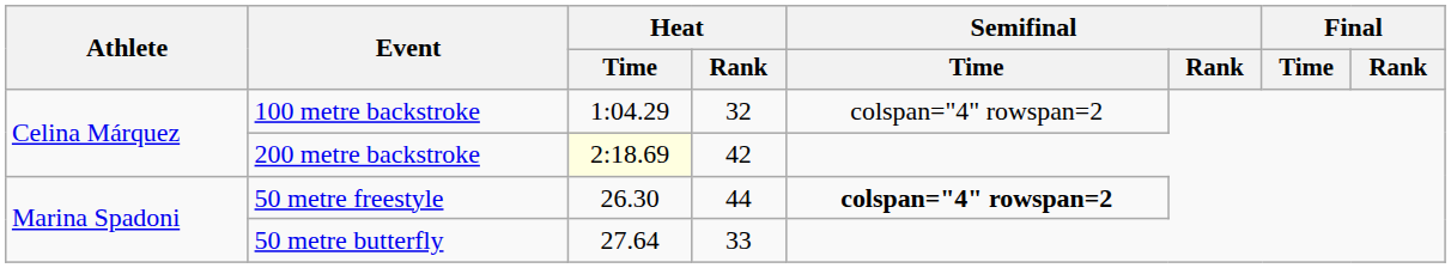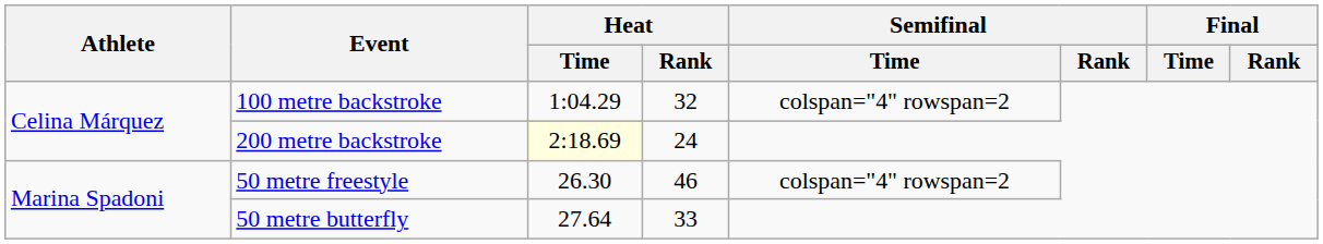 <table class="wikitable" style="text-align:center; font-size:90%; width:50%;">
 <tr>
 <th rowspan="2">Athlete</th>
 <th rowspan="2">Event</th>
 <th colspan="2">Heat</th>
 <th colspan="2">Semifinal</th>
 <th colspan="2">Final</th>
 </tr>
 <tr style="font-size:95%">
 <th>Time</th>
 <th>Rank</th>
 <th>Time</th>
 <th>Rank</th>
 <th>Time</th>
 <th>Rank</th>
 </tr>
 <tr>
 <td align=left rowspan=2><a href='#'>Celina Márquez</a></td>
 <td align=left><a href='#'>100 metre backstroke</a></td>
 <td>1:04.29</td>
 <td>32</td>
 <td>colspan="4" rowspan=2 </td>
 </tr>
 <tr>
 <td align=left><a href='#'>200 metre backstroke</a></td>
 <td style="background: lightyellow;">2:18.69</td>
-<td>42</td>
+<td>24</td>
 </tr>
 <tr>
 <td align=left rowspan=2><a href='#'>Marina Spadoni</a></td>
 <td align=left><a href='#'>50 metre freestyle</a></td>
 <td>26.30</td>
-<td>44</td>
-<td><strong>colspan="4" rowspan=2 </strong></td>
+<td>46</td>
+<td>colspan="4" rowspan=2 </td>
 </tr>
 <tr>
 <td align=left><a href='#'>50 metre butterfly</a></td>
 <td>27.64</td>
 <td>33</td>
 </tr>
 </table>
